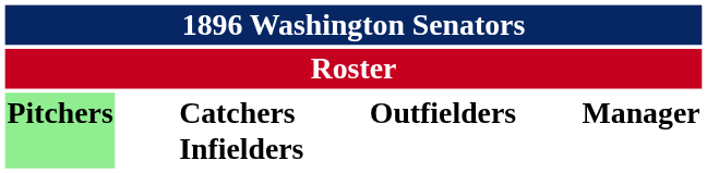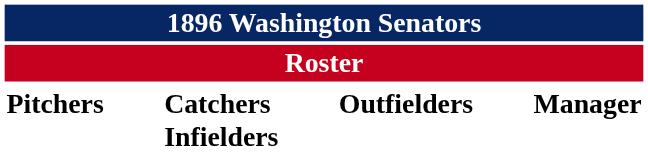 <table class="toccolours" style="font-size: 95%;">
 <tr>
 <th colspan="10" style="background-color: #072764; color: white; text-align: center;">1896 Washington Senators</th>
 </tr>
 <tr>
 <td colspan="10" style="background-color: #c6011f; color: white; text-align: center;"><strong>Roster</strong></td>
 </tr>
 <tr>
-<td valign="top" style="background: lightgreen;"><strong>Pitchers</strong><br>          </td>
+<td valign="top"><strong>Pitchers</strong><br>          </td>
 <td width="25px"></td>
 <td valign="top"><strong>Catchers</strong><br>   <strong>Infielders</strong>        </td>
 <td width="25px"></td>
 <td valign="top"><strong>Outfielders</strong><br>   </td>
 <td width="25px"></td>
 <td valign="top"><strong>Manager</strong><br></td>
 </tr>
 <tr>
 </tr>
 </table>
